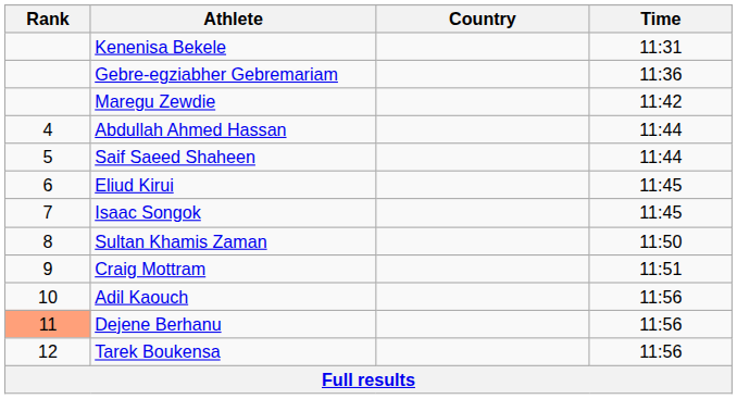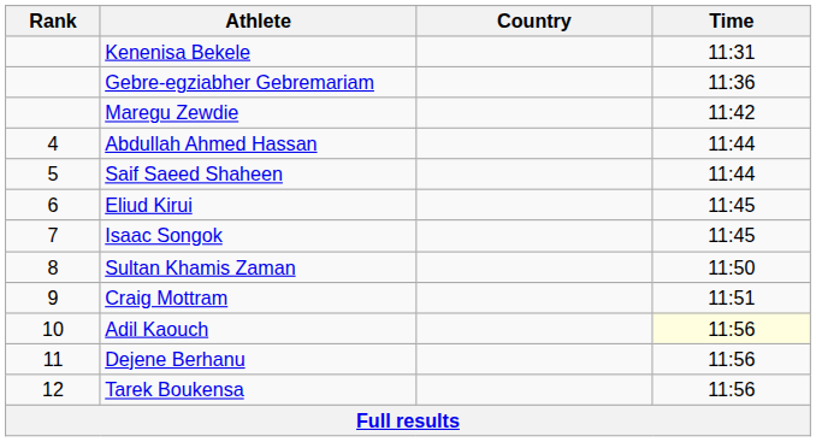 <table class="wikitable sortable" style=" text-align:center; font-size:95%;" width="50%">
 <tr>
 </tr>
 <tr>
 <th width=5%>Rank</th>
 <th width=20%>Athlete</th>
 <th width=15%>Country</th>
 <th width=10%>Time</th>
 </tr>
 <tr>
 <td align=center></td>
 <td align=left><a href='#'>Kenenisa Bekele</a></td>
 <td align=left></td>
 <td>11:31</td>
 </tr>
 <tr>
 <td align=center></td>
 <td align=left><a href='#'>Gebre-egziabher Gebremariam</a></td>
 <td align=left></td>
 <td>11:36</td>
 </tr>
 <tr>
 <td align=center></td>
 <td align=left><a href='#'>Maregu Zewdie</a></td>
 <td align=left></td>
 <td>11:42</td>
 </tr>
 <tr>
 <td align=center>4</td>
 <td align=left><a href='#'>Abdullah Ahmed Hassan</a></td>
 <td align=left></td>
 <td>11:44</td>
 </tr>
 <tr>
 <td align=center>5</td>
 <td align=left><a href='#'>Saif Saeed Shaheen</a></td>
 <td align=left></td>
 <td>11:44</td>
 </tr>
 <tr>
 <td align=center>6</td>
 <td align=left><a href='#'>Eliud Kirui</a></td>
 <td align=left></td>
 <td>11:45</td>
 </tr>
 <tr>
 <td align=center>7</td>
 <td align=left><a href='#'>Isaac Songok</a></td>
 <td align=left></td>
 <td>11:45</td>
 </tr>
 <tr>
 <td align=center>8</td>
 <td align=left><a href='#'>Sultan Khamis Zaman</a></td>
 <td align=left></td>
 <td>11:50</td>
 </tr>
 <tr>
 <td align=center>9</td>
 <td align=left><a href='#'>Craig Mottram</a></td>
 <td align=left></td>
 <td>11:51</td>
 </tr>
 <tr>
 <td align=center>10</td>
 <td align=left><a href='#'>Adil Kaouch</a></td>
 <td align=left></td>
-<td>11:56</td>
+<td style="background: lightyellow;">11:56</td>
 </tr>
 <tr>
-<td align=center style="background: lightsalmon;">11</td>
+<td align=center>11</td>
 <td align=left><a href='#'>Dejene Berhanu</a></td>
 <td align=left></td>
 <td>11:56</td>
 </tr>
 <tr>
 <td align=center>12</td>
 <td align=left><a href='#'>Tarek Boukensa</a></td>
 <td align=left></td>
 <td>11:56</td>
 </tr>
 <tr class="sortbottom">
 <th colspan=4 align=center><a href='#'>Full results</a></th>
 </tr>
 </table>
